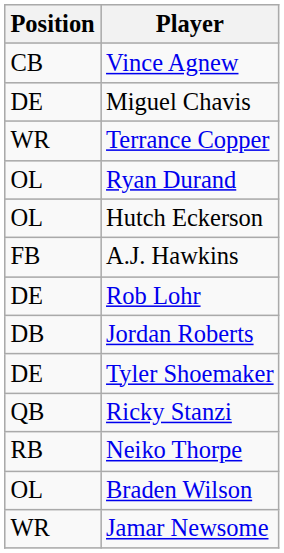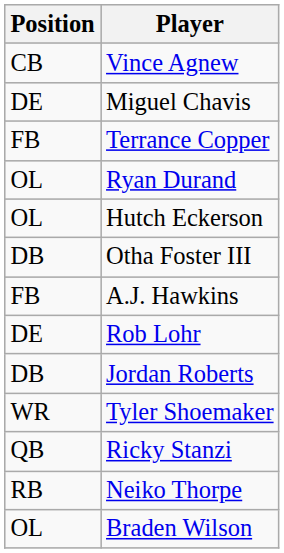 <table class="wikitable sortable">
 <tr>
 <th>Position</th>
 <th>Player</th>
 </tr>
 <tr>
 <td>CB</td>
 <td><a href='#'>Vince Agnew</a></td>
 </tr>
 <tr>
 <td>DE</td>
 <td>Miguel Chavis</td>
 </tr>
 <tr>
-<td>WR</td>
+<td>FB</td>
 <td><a href='#'>Terrance Copper</a></td>
 </tr>
 <tr>
 <td>OL</td>
 <td><a href='#'>Ryan Durand</a></td>
 </tr>
 <tr>
 <td>OL</td>
 <td>Hutch Eckerson</td>
+</tr>
+<tr>
+<td>DB</td>
+<td>Otha Foster III</td>
 </tr>
 <tr>
 <td>FB</td>
 <td>A.J. Hawkins</td>
 </tr>
 <tr>
 <td>DE</td>
 <td><a href='#'>Rob Lohr</a></td>
 </tr>
 <tr>
 <td>DB</td>
 <td><a href='#'>Jordan Roberts</a></td>
 </tr>
 <tr>
-<td>DE</td>
+<td>WR</td>
 <td><a href='#'>Tyler Shoemaker</a></td>
 </tr>
 <tr>
 <td>QB</td>
 <td><a href='#'>Ricky Stanzi</a></td>
 </tr>
 <tr>
 <td>RB</td>
 <td><a href='#'>Neiko Thorpe</a></td>
 </tr>
 <tr>
 <td>OL</td>
 <td><a href='#'>Braden Wilson</a></td>
 </tr>
-<tr>
-<td>WR</td>
-<td><a href='#'>Jamar Newsome</a></td>
-</tr>
 </table>
